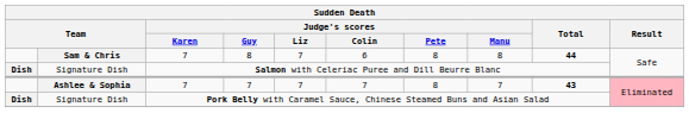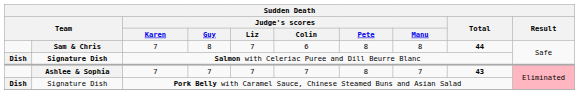 <table class="wikitable plainrowheaders" style="text-align:center; font-size:90%; width:80em;">
 <tr>
 <th colspan="10" >Sudden Death</th>
 </tr>
 <tr>
 <th rowspan="2" colspan="2">Team</th>
 <th colspan="6">Judge's scores</th>
 <th rowspan="2">Total<br></th>
 <th rowspan="2">Result</th>
 </tr>
 <tr>
 <th><a href='#'>Karen</a></th>
 <th><a href='#'>Guy</a></th>
 <th>Liz</th>
 <th>Colin</th>
 <th><a href='#'>Pete</a></th>
 <th><a href='#'>Manu</a></th>
 </tr>
 <tr>
 <td></td>
 <th>Sam & Chris</th>
 <td>7</td>
 <td>8</td>
 <td>7</td>
 <td>6</td>
 <td>8</td>
 <td>8</td>
 <td><strong>44</strong></td>
 <td rowspan="2">Safe</td>
 </tr>
 <tr>
 <th>Dish</th>
-<td>Signature Dish</td>
+<td><strong>Signature Dish</strong></td>
 <td colspan="7"><strong>Salmon</strong> with Celeriac Puree and Dill Beurre Blanc</td>
 </tr>
 <tr style="border-top:3px solid #aaa;">
 <td></td>
 <th>Ashlee & Sophia</th>
 <td>7</td>
 <td>7</td>
 <td>7</td>
 <td>7</td>
 <td>8</td>
 <td>7</td>
 <td><strong>43</strong></td>
 <td rowspan="2" style="background:lightpink">Eliminated</td>
 </tr>
 <tr>
 <th>Dish</th>
 <td>Signature Dish</td>
 <td colspan="7"><strong>Pork Belly</strong> with Caramel Sauce, Chinese Steamed Buns and Asian Salad</td>
 </tr>
 <tr>
 </tr>
 </table>
